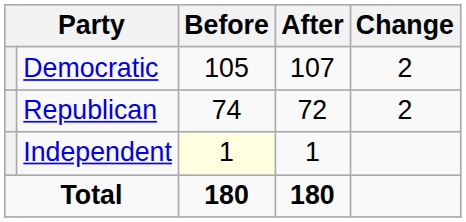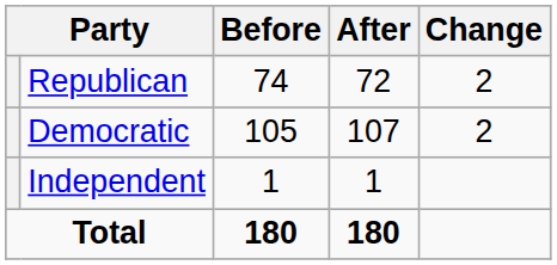 <table class="wikitable" style="text-align:center;">
 <tr>
 <th colspan="2">Party</th>
 <th>Before</th>
 <th>After</th>
 <th>Change</th>
+</tr>
+<tr>
+<th style="background-color:"></th>
+<td style="text-align:left;"><a href='#'>Republican</a></td>
+<td>74</td>
+<td>72</td>
+<td> 2</td>
 </tr>
 <tr>
 <th style="background-color:"></th>
 <td style="text-align:left;"><a href='#'>Democratic</a></td>
 <td>105</td>
 <td>107</td>
 <td> 2</td>
 </tr>
 <tr>
 <th style="background-color:"></th>
-<td style="text-align:left;"><a href='#'>Republican</a></td>
-<td>74</td>
-<td>72</td>
-<td> 2</td>
-</tr>
-<tr>
-<th style="background-color:"></th>
 <td style="text-align:left;"><a href='#'>Independent</a></td>
-<td style="background: lightyellow;">1</td>
+<td>1</td>
 <td>1</td>
 <td></td>
 </tr>
 <tr>
 <td colspan="2"><strong>Total</strong></td>
 <td><strong>180</strong></td>
 <td><strong>180</strong></td>
 <td></td>
 </tr>
 </table>
